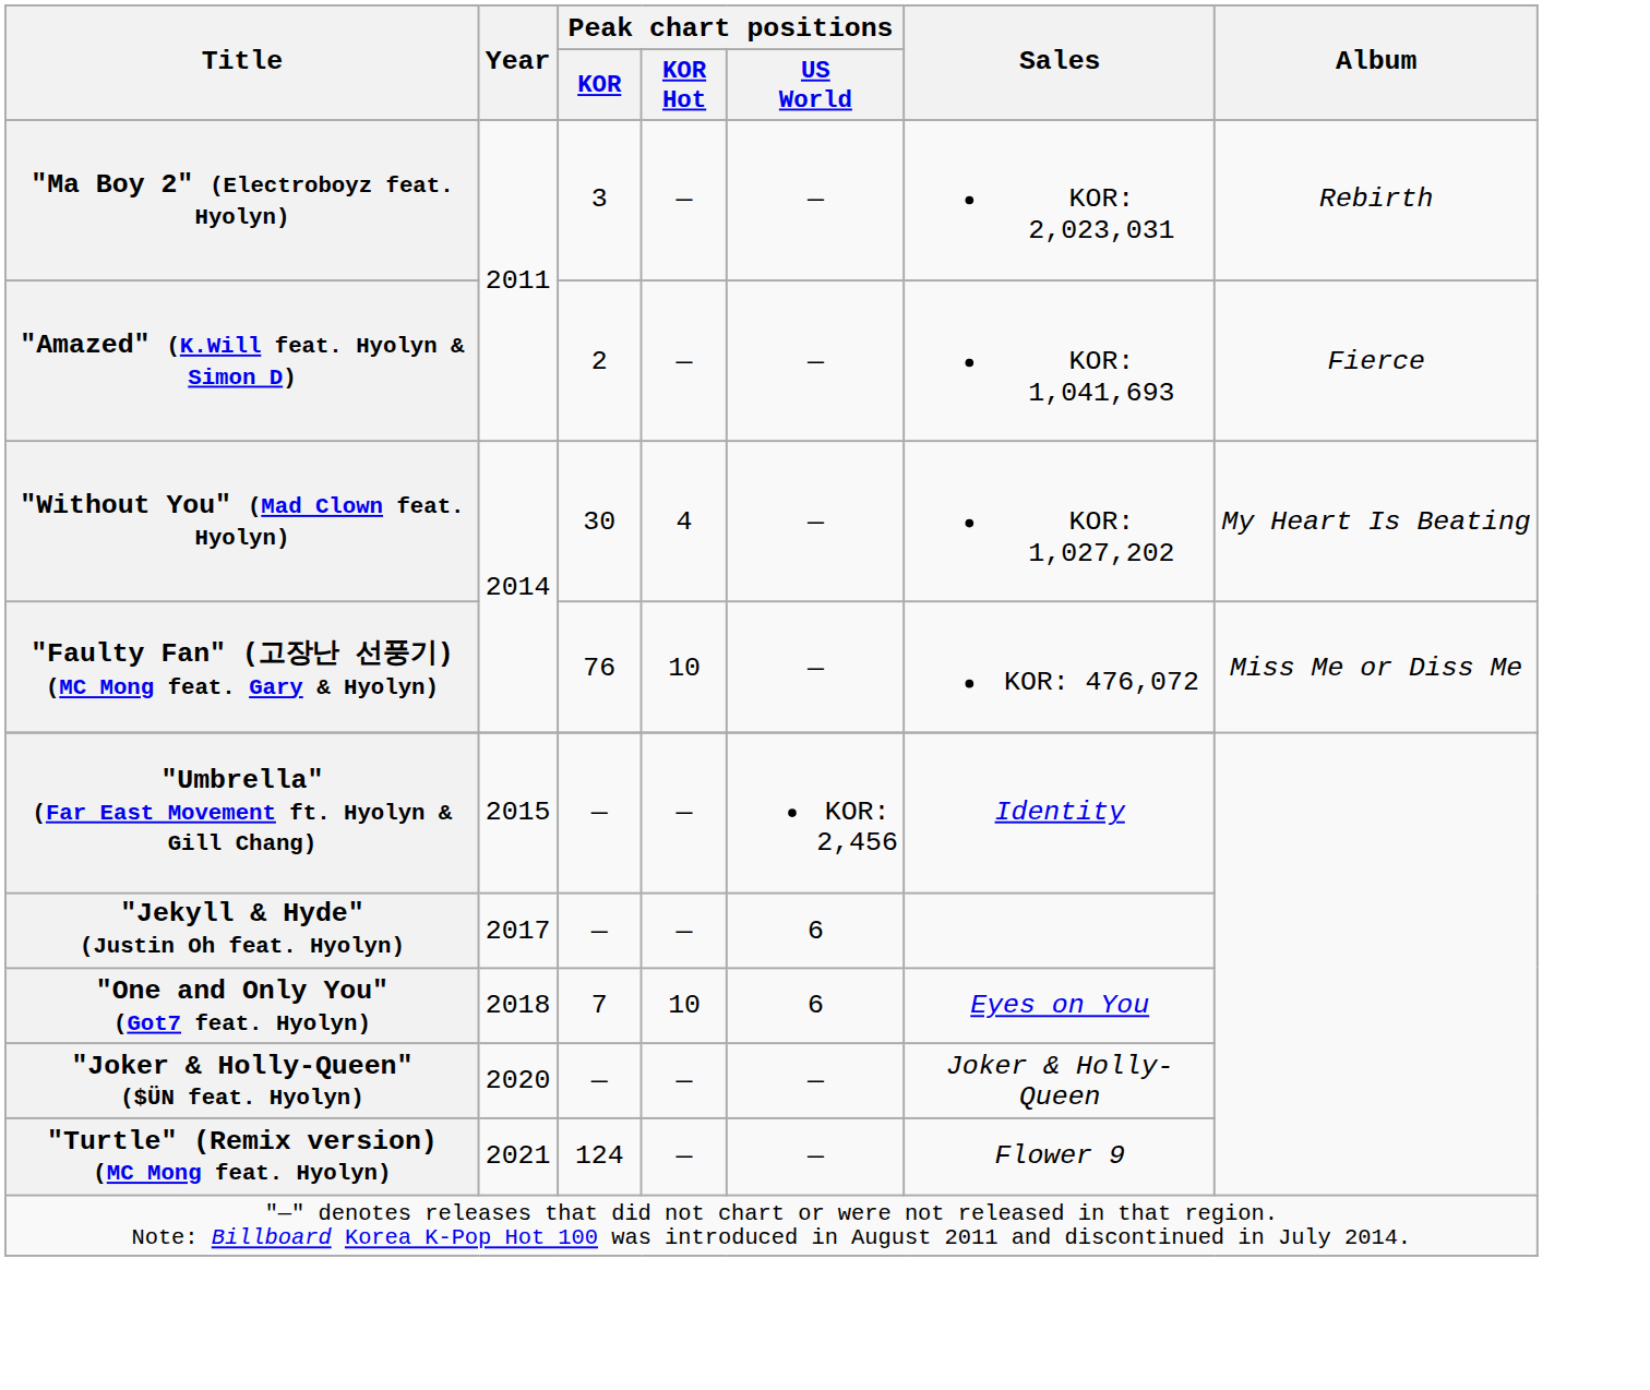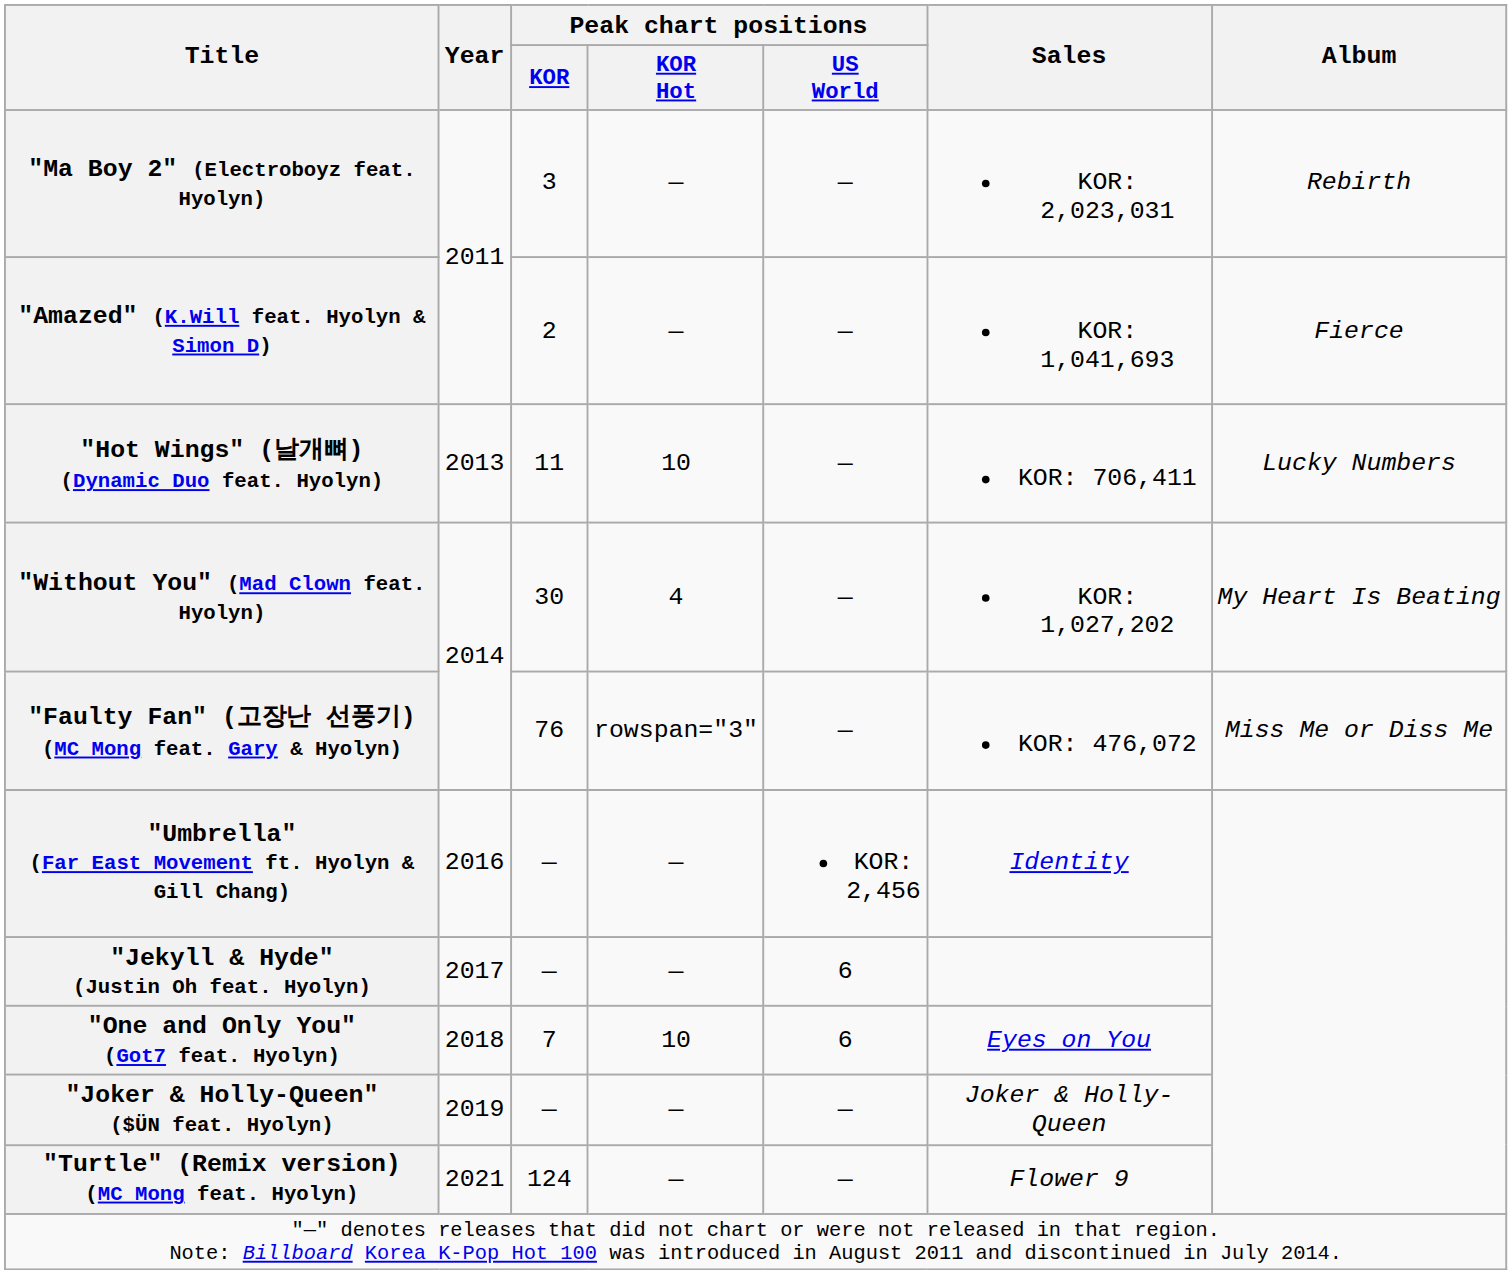 <table class="wikitable plainrowheaders" style="text-align:center;">
 <tr>
 <th scope="col" rowspan="2" style="width:17em;">Title</th>
 <th scope="col" rowspan="2">Year</th>
 <th scope="col" colspan="3">Peak chart positions</th>
 <th scope="col" rowspan="2" style="width:11em;">Sales</th>
 <th scope="col" rowspan="2">Album</th>
 </tr>
 <tr>
 <th scope="col" style="width:3em;font-size:90%;"><a href='#'>KOR</a><br></th>
 <th scope="col" style="width:3em;font-size:90%;"><a href='#'>KOR<br>Hot</a><br></th>
 <th style="width:3em;font-size:90%;"><a href='#'>US<br>World</a><br></th>
 </tr>
 <tr>
 <th scope="row">"Ma Boy 2" <small>(Electroboyz feat. Hyolyn)</small></th>
 <td rowspan="2">2011</td>
 <td>3</td>
 <td>—</td>
 <td>—</td>
 <td><br><ul><li>KOR: 2,023,031</li></ul></td>
 <td><em>Rebirth</em></td>
 </tr>
 <tr>
 <th scope="row">"Amazed" <small>(<a href='#'>K.Will</a> feat. Hyolyn & <a href='#'>Simon D</a>)</small></th>
 <td>2</td>
 <td>—</td>
 <td>—</td>
 <td><br><ul><li>KOR: 1,041,693</li></ul></td>
 <td><em>Fierce</em></td>
 </tr>
 <tr>
+<th scope="row">"Hot Wings" (날개뼈) <br> <small>(<a href='#'>Dynamic Duo</a> feat. Hyolyn)</small></th>
+<td>2013</td>
+<td>11</td>
+<td>10</td>
+<td>—</td>
+<td><br><ul><li>KOR: 706,411</li></ul></td>
+<td><em>Lucky Numbers</em></td>
+</tr>
+<tr>
 <th scope="row">"Without You" <small>(<a href='#'>Mad Clown</a> feat. Hyolyn)</small></th>
 <td rowspan="2">2014</td>
 <td>30</td>
 <td>4</td>
 <td>—</td>
 <td><br><ul><li>KOR: 1,027,202</li></ul></td>
 <td><em>My Heart Is Beating</em></td>
 </tr>
 <tr>
 <th scope="row">"Faulty Fan" (고장난 선풍기) <br> <small>(<a href='#'>MC Mong</a> feat. <a href='#'>Gary</a> & Hyolyn)</small></th>
 <td>76</td>
-<td>10</td>
+<td>rowspan="3" </td>
 <td>—</td>
 <td><br><ul><li>KOR: 476,072</li></ul></td>
 <td><em>Miss Me or Diss Me</em></td>
 </tr>
 <tr || —>
 </tr>
 <tr>
 <th scope="row">"Umbrella" <br> <small>(<a href='#'>Far East Movement</a> ft. Hyolyn & Gill Chang)</small></th>
-<td>2015</td>
+<td>2016</td>
 <td>—</td>
 <td>—</td>
 <td><br><ul><li>KOR: 2,456</li></ul></td>
 <td><em><a href='#'>Identity</a></em></td>
 </tr>
 <tr>
 <th scope="row">"Jekyll & Hyde" <br> <small>(Justin Oh feat. Hyolyn)</small></th>
 <td>2017</td>
 <td>—</td>
 <td>—</td>
 <td>6</td>
 <td></td>
 </tr>
 <tr>
 <th scope="row">"One and Only You" <br> <small>(<a href='#'>Got7</a> feat. Hyolyn)</small></th>
 <td>2018</td>
 <td>7</td>
 <td>10</td>
 <td>6</td>
 <td><em><a href='#'>Eyes on You</a></em></td>
 </tr>
 <tr>
 <th scope="row">"Joker & Holly-Queen" <br> <small>($ÜN feat. Hyolyn)</small></th>
-<td>2020</td>
+<td>2019</td>
 <td>—</td>
 <td>—</td>
 <td>—</td>
 <td><em>Joker & Holly-Queen</em></td>
 </tr>
 <tr>
 <th scope="row">"Turtle" (Remix version) <br> <small>(<a href='#'>MC Mong</a> feat. Hyolyn)</small></th>
 <td>2021</td>
 <td>124</td>
 <td>—</td>
 <td>—</td>
 <td><em>Flower 9</em></td>
 </tr>
 <tr>
 <td colspan="7" style="text-align:center; font-size:8pt;">"—" denotes releases that did not chart or were not released in that region.<br>Note: <em><a href='#'>Billboard</a></em> <a href='#'>Korea K-Pop Hot 100</a> was introduced in August 2011 and discontinued in July 2014.</td>
 </tr>
 </table>
